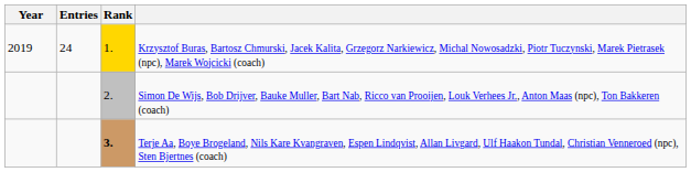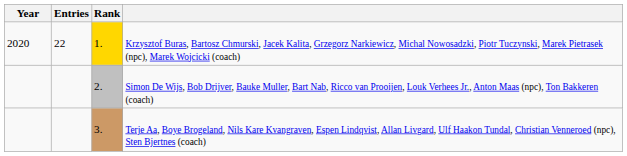 <table class="wikitable" style="width:100%;">
 <tr>
 <th>Year</th>
 <th>Entries</th>
 <th>Rank</th>
 <th></th>
 </tr>
 <tr>
-<td width=60>2019  </td>
-<td>24</td>
+<td width=60>2020  </td>
+<td>22</td>
 <td style="background:gold; width:30px;">1.</td>
 <td> <br><small><a href='#'>Krzysztof Buras</a>, <a href='#'>Bartosz Chmurski</a>, <a href='#'>Jacek Kalita</a>, <a href='#'>Grzegorz Narkiewicz</a>, <a href='#'>Michal Nowosadzki</a>, <a href='#'>Piotr Tuczynski</a>, <a href='#'>Marek Pietrasek</a> (npc), <a href='#'>Marek Wojcicki</a> (coach)</small></td>
 </tr>
 <tr>
 <td></td>
 <td></td>
 <td style="background:silver;">2.</td>
 <td> <br><small><a href='#'>Simon De Wijs</a>, <a href='#'>Bob Drijver</a>, <a href='#'>Bauke Muller</a>, <a href='#'>Bart Nab</a>, <a href='#'>Ricco van Prooijen</a>, <a href='#'>Louk Verhees Jr.</a>, <a href='#'>Anton Maas</a> (npc), <a href='#'>Ton Bakkeren</a> (coach)</small></td>
 </tr>
 <tr>
 <td></td>
 <td></td>
-<td style="background:#c96;"><strong>3.</strong></td>
+<td style="background:#c96;">3.</td>
 <td> <br><small><a href='#'>Terje Aa</a>, <a href='#'>Boye Brogeland</a>, <a href='#'>Nils Kare Kvangraven</a>, <a href='#'>Espen Lindqvist</a>, <a href='#'>Allan Livgard</a>, <a href='#'>Ulf Haakon Tundal</a>, <a href='#'>Christian Venneroed</a> (npc), <a href='#'>Sten Bjertnes</a> (coach)</small></td>
 </tr>
 </table>
